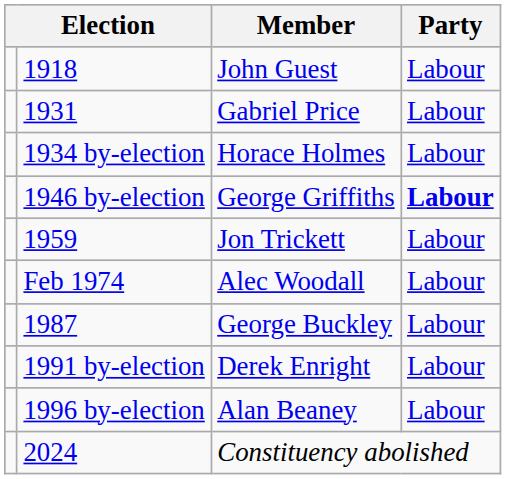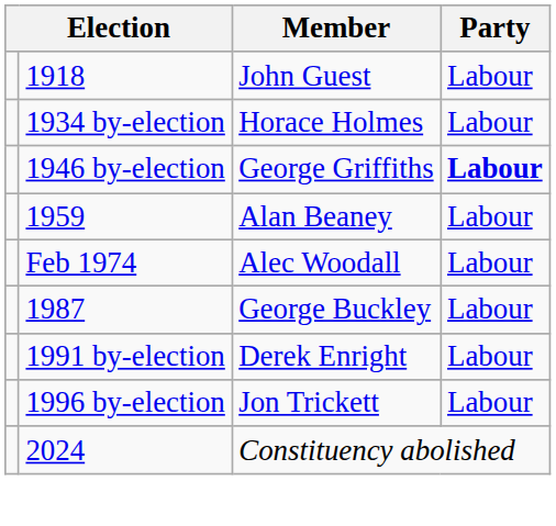 <table class="wikitable">
 <tr>
 <th colspan="2">Election</th>
 <th>Member</th>
 <th>Party</th>
 </tr>
 <tr>
 <td style="color:inherit;background-color: "></td>
 <td><a href='#'>1918</a></td>
 <td><a href='#'>John Guest</a></td>
-<td><a href='#'>Labour</a></td>
-</tr>
-<tr>
-<td style="color:inherit;background-color: "></td>
-<td><a href='#'>1931</a></td>
-<td><a href='#'>Gabriel Price</a></td>
 <td><a href='#'>Labour</a></td>
 </tr>
 <tr>
 <td style="color:inherit;background-color: "></td>
 <td><a href='#'>1934 by-election</a></td>
 <td><a href='#'>Horace Holmes</a></td>
 <td><a href='#'>Labour</a></td>
 </tr>
 <tr>
 <td style="color:inherit;background-color: "></td>
 <td><a href='#'>1946 by-election</a></td>
 <td><a href='#'>George Griffiths</a></td>
 <td><strong><a href='#'>Labour</a></strong></td>
 </tr>
 <tr>
 <td style="color:inherit;background-color: "></td>
 <td><a href='#'>1959</a></td>
-<td><a href='#'>Jon Trickett</a></td>
+<td><a href='#'>Alan Beaney</a></td>
 <td><a href='#'>Labour</a></td>
 </tr>
 <tr>
 <td style="color:inherit;background-color: "></td>
 <td><a href='#'>Feb 1974</a></td>
 <td><a href='#'>Alec Woodall</a></td>
 <td><a href='#'>Labour</a></td>
 </tr>
 <tr>
 <td style="color:inherit;background-color: "></td>
 <td><a href='#'>1987</a></td>
 <td><a href='#'>George Buckley</a></td>
 <td><a href='#'>Labour</a></td>
 </tr>
 <tr>
 <td style="color:inherit;background-color: "></td>
 <td><a href='#'>1991 by-election</a></td>
 <td><a href='#'>Derek Enright</a></td>
 <td><a href='#'>Labour</a></td>
 </tr>
 <tr>
 <td style="color:inherit;background-color: "></td>
 <td><a href='#'>1996 by-election</a></td>
-<td><a href='#'>Alan Beaney</a></td>
+<td><a href='#'>Jon Trickett</a></td>
 <td><a href='#'>Labour</a></td>
 </tr>
 <tr>
 <td></td>
 <td><a href='#'>2024</a></td>
 <td colspan="2"><em>Constituency abolished</em></td>
 </tr>
 </table>
